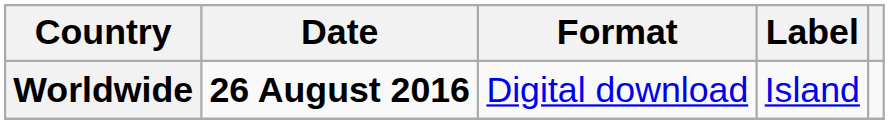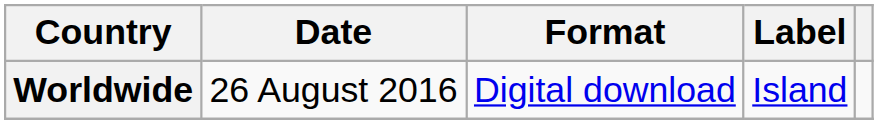 <table class="wikitable plainrowheaders">
 <tr>
 <th scope="col">Country</th>
 <th scope="col">Date</th>
 <th scope="col">Format</th>
 <th scope="col">Label</th>
 <th scope="col"></th>
 </tr>
 <tr>
 <th scope="row">Worldwide</th>
-<td><strong>26 August 2016</strong></td>
+<td>26 August 2016</td>
 <td><a href='#'>Digital download</a></td>
 <td><a href='#'>Island</a></td>
 <td></td>
 </tr>
 <tr>
 </tr>
 </table>
